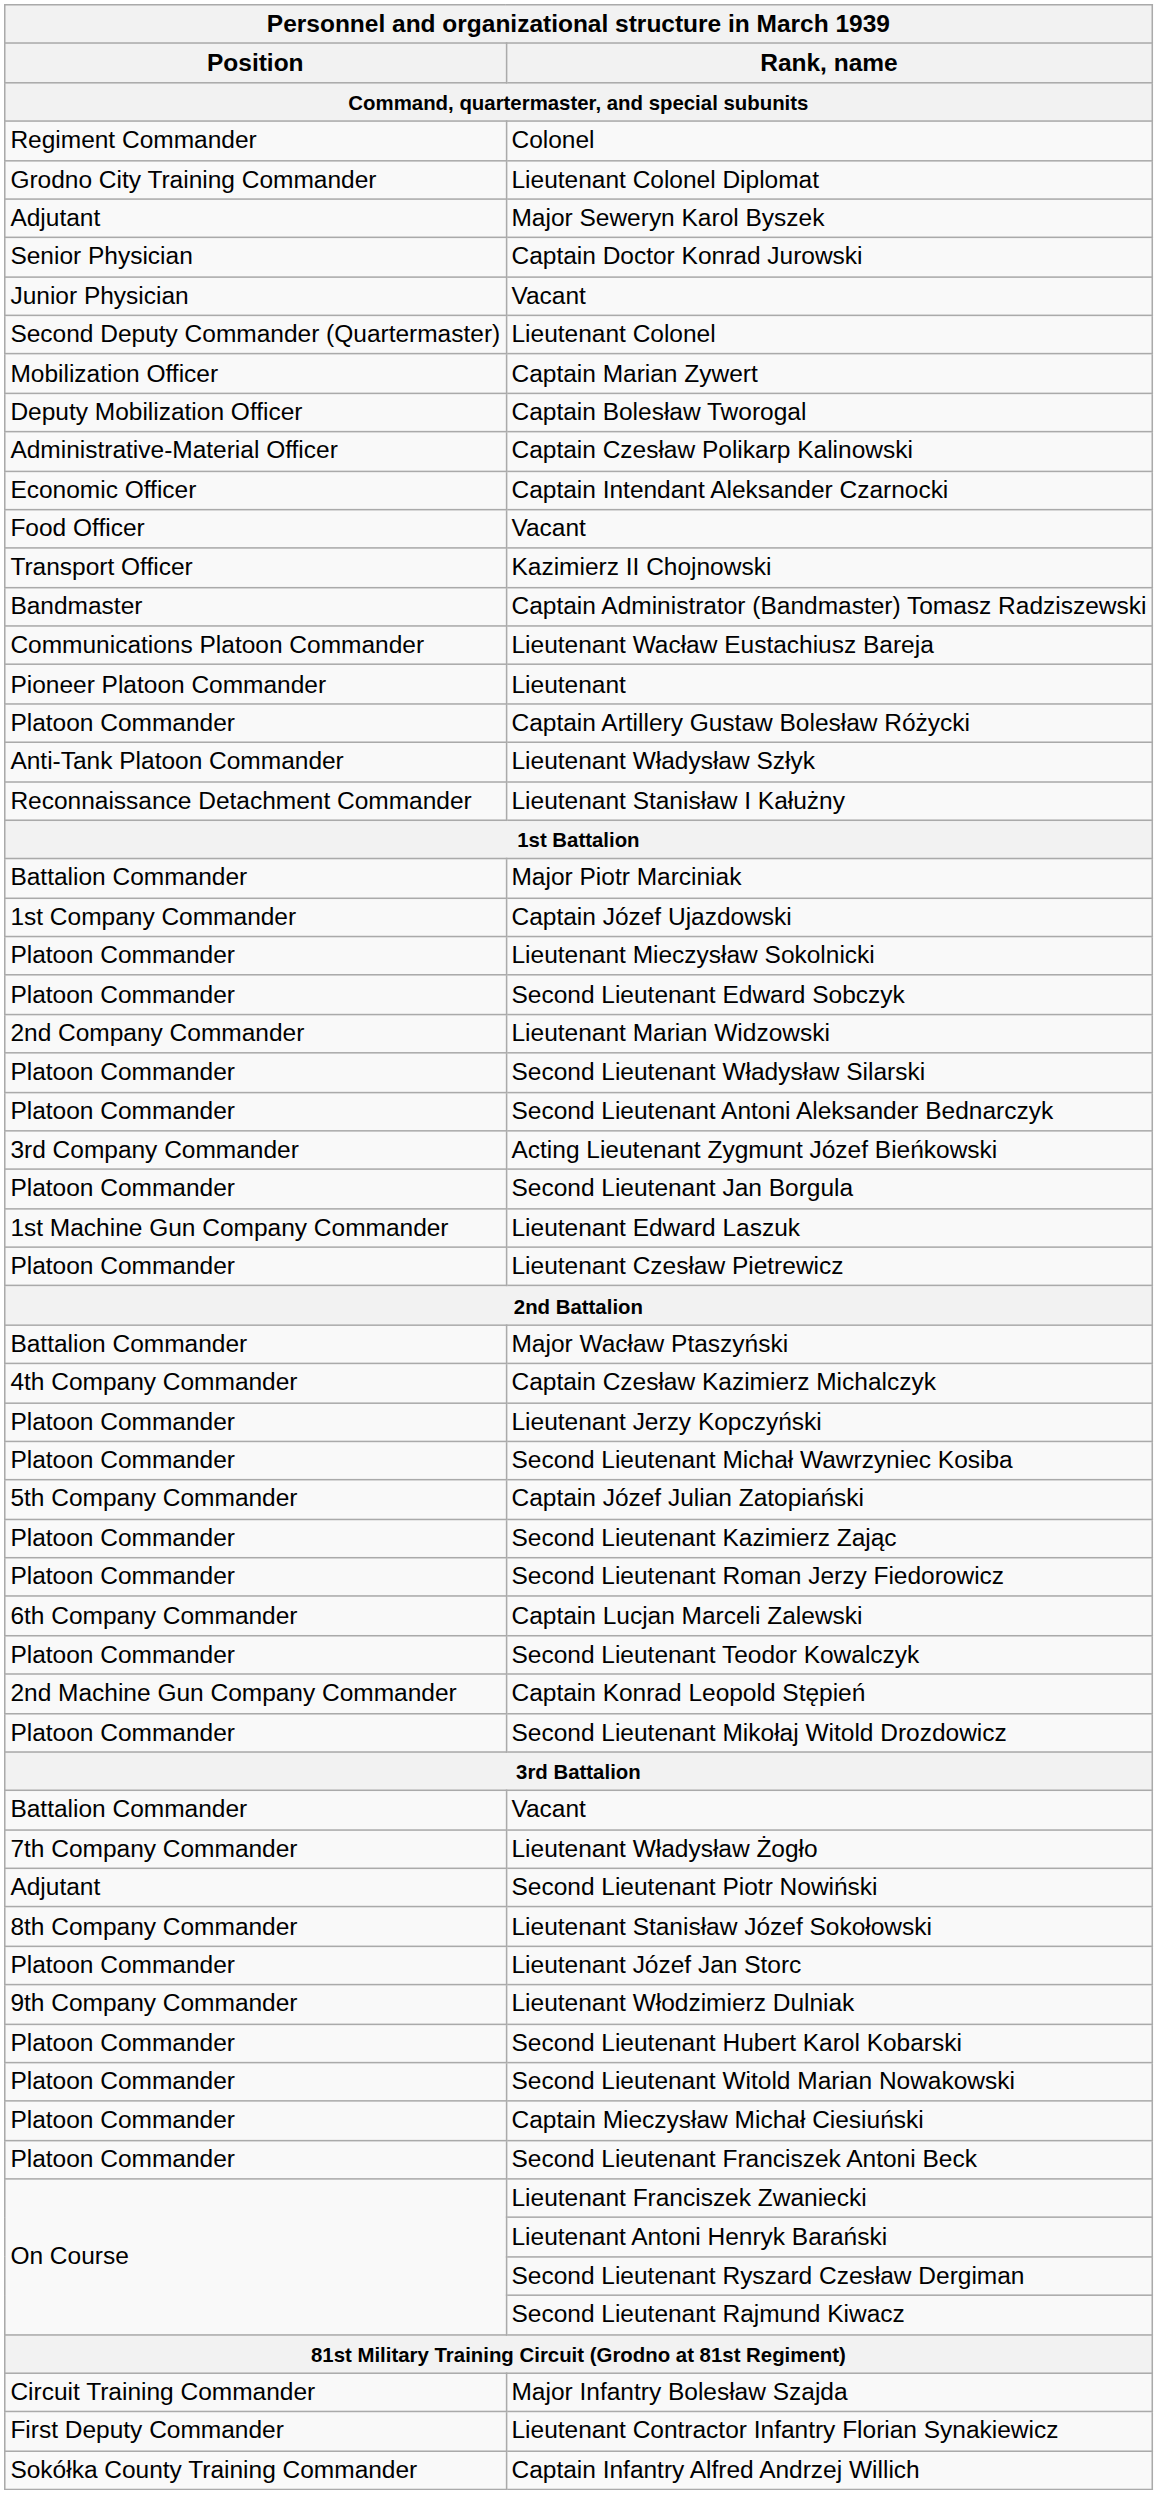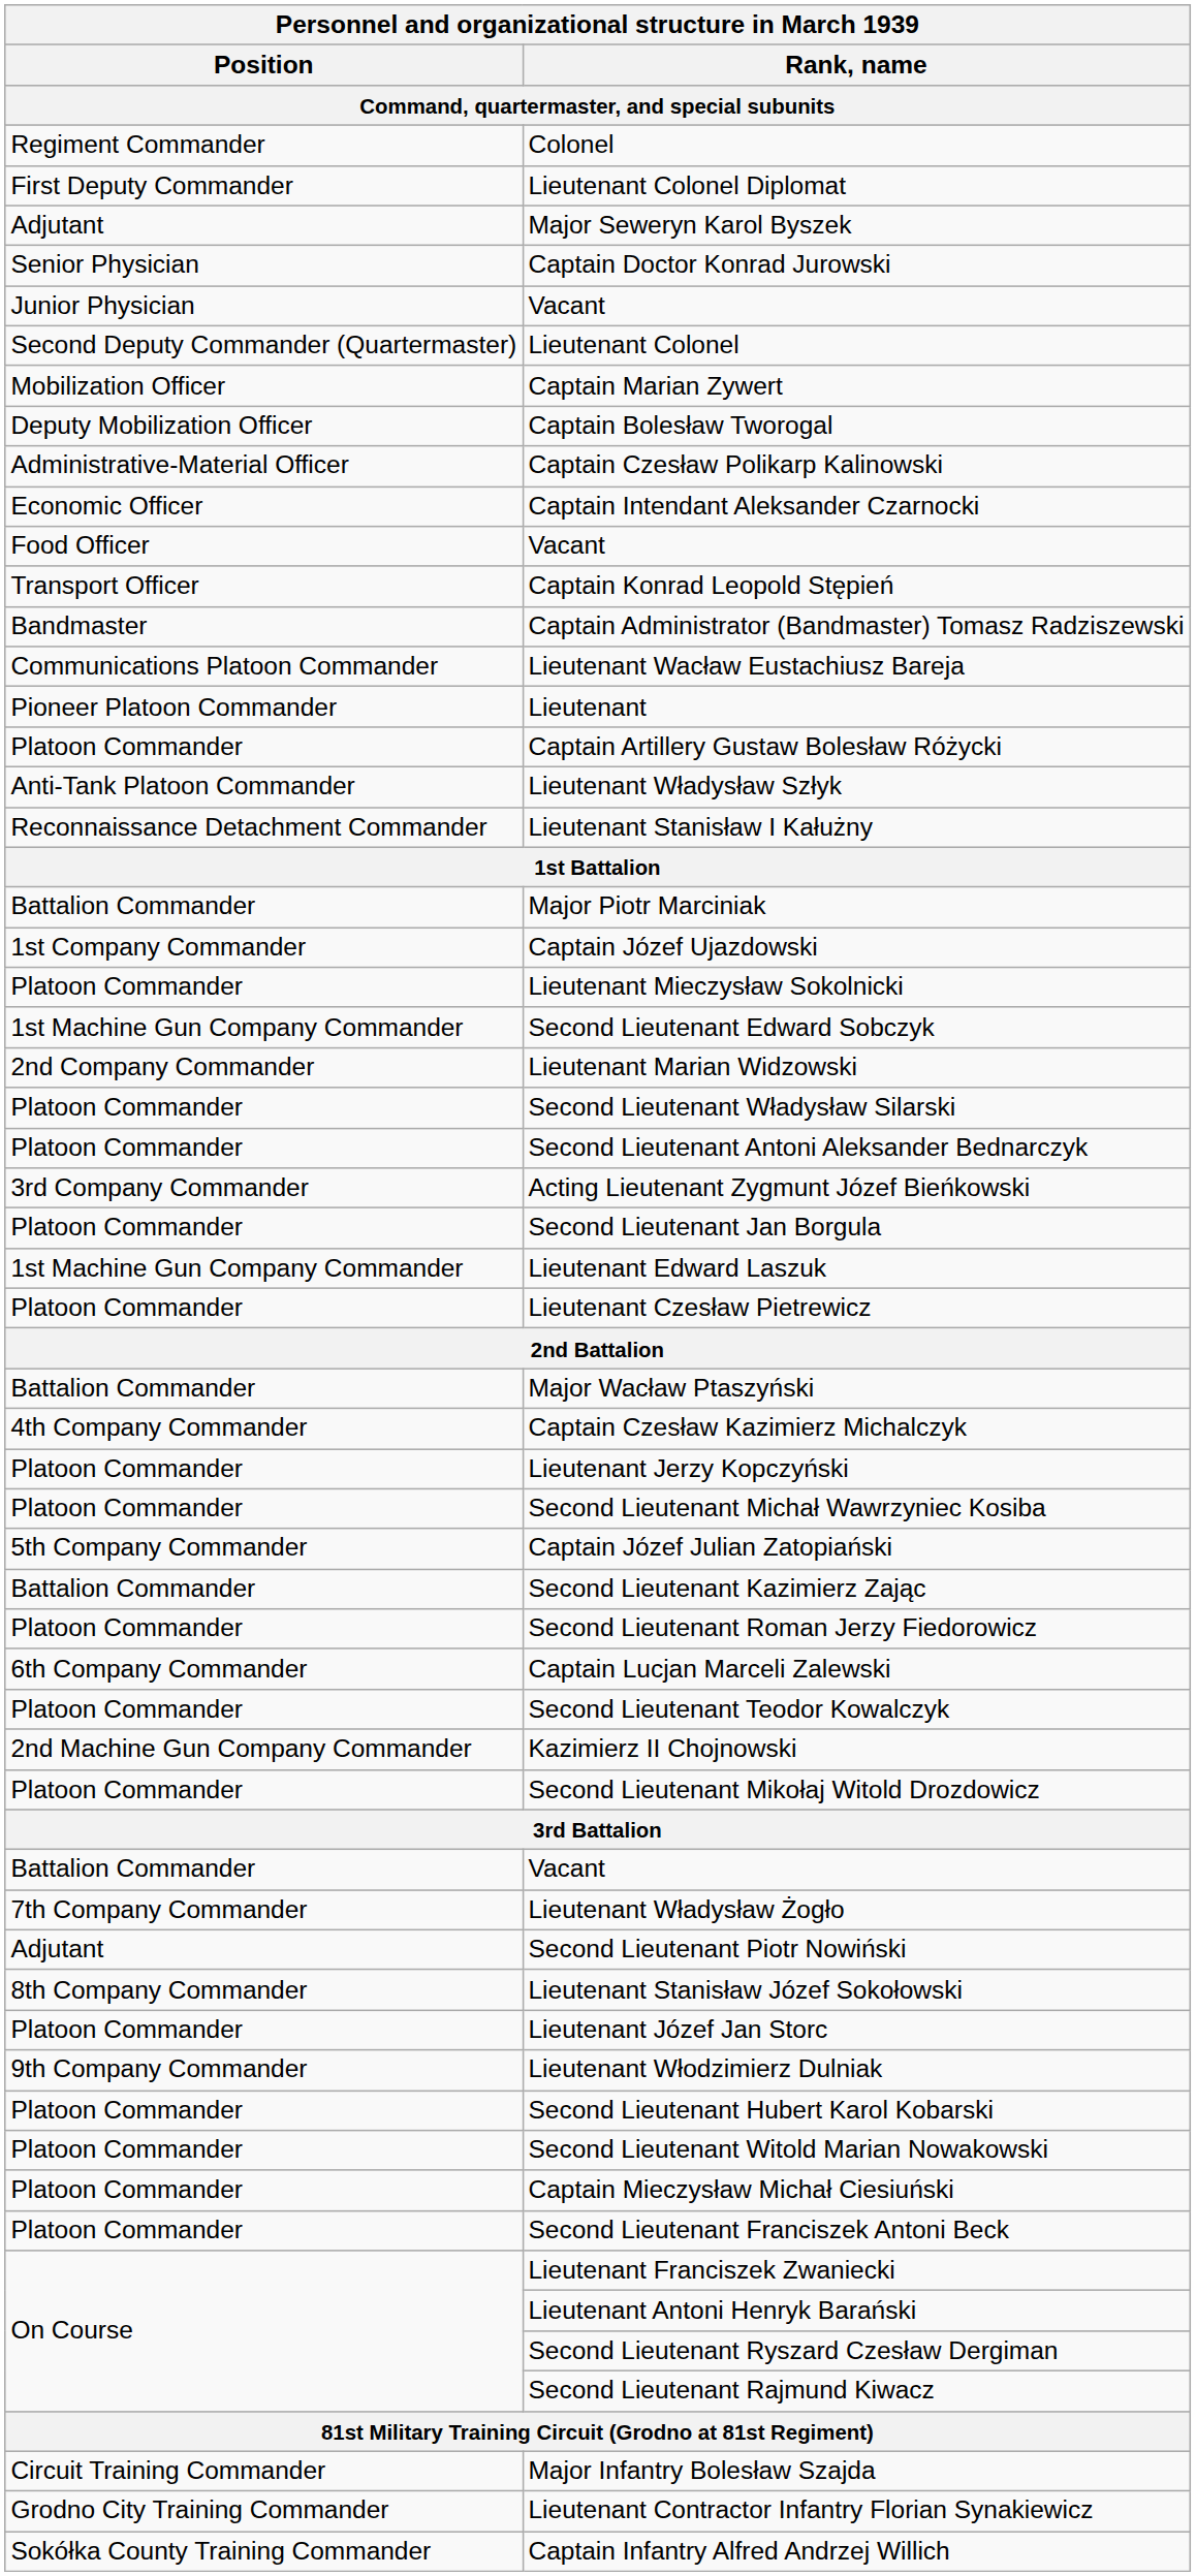 <table class="wikitable mw-collapsible mw-collapsed">
 <tr>
 <th colspan="2">Personnel and organizational structure in March 1939</th>
 </tr>
 <tr>
 <th>Position</th>
 <th>Rank, name</th>
 </tr>
 <tr>
 <th colspan="2"><small>Command, quartermaster, and special subunits</small></th>
 </tr>
 <tr>
 <td>Regiment Commander</td>
 <td>Colonel </td>
 </tr>
 <tr>
-<td>Grodno City Training Commander</td>
+<td>First Deputy Commander</td>
 <td>Lieutenant Colonel Diplomat </td>
 </tr>
 <tr>
 <td>Adjutant</td>
 <td>Major Seweryn Karol Byszek</td>
 </tr>
 <tr>
 <td>Senior Physician</td>
 <td>Captain Doctor Konrad Jurowski</td>
 </tr>
 <tr>
 <td>Junior Physician</td>
 <td>Vacant</td>
 </tr>
 <tr>
 <td>Second Deputy Commander (Quartermaster)</td>
 <td>Lieutenant Colonel </td>
 </tr>
 <tr>
 <td>Mobilization Officer</td>
 <td>Captain Marian Zywert</td>
 </tr>
 <tr>
 <td>Deputy Mobilization Officer</td>
 <td>Captain Bolesław Tworogal</td>
 </tr>
 <tr>
 <td>Administrative-Material Officer</td>
 <td>Captain Czesław Polikarp Kalinowski</td>
 </tr>
 <tr>
 <td>Economic Officer</td>
 <td>Captain Intendant Aleksander Czarnocki</td>
 </tr>
 <tr>
 <td>Food Officer</td>
 <td>Vacant</td>
 </tr>
 <tr>
 <td>Transport Officer</td>
-<td>Kazimierz II Chojnowski</td>
+<td>Captain Konrad Leopold Stępień</td>
 </tr>
 <tr>
 <td>Bandmaster</td>
 <td>Captain Administrator (Bandmaster) Tomasz Radziszewski</td>
 </tr>
 <tr>
 <td>Communications Platoon Commander</td>
 <td>Lieutenant Wacław Eustachiusz Bareja</td>
 </tr>
 <tr>
 <td>Pioneer Platoon Commander</td>
 <td>Lieutenant </td>
 </tr>
 <tr>
 <td>Platoon Commander</td>
 <td>Captain Artillery Gustaw Bolesław Różycki</td>
 </tr>
 <tr>
 <td>Anti-Tank Platoon Commander</td>
 <td>Lieutenant Władysław Szłyk</td>
 </tr>
 <tr>
 <td>Reconnaissance Detachment Commander</td>
 <td>Lieutenant Stanisław I Kałużny</td>
 </tr>
 <tr>
 <th colspan="2"><small>1st Battalion</small></th>
 </tr>
 <tr>
 <td>Battalion Commander</td>
 <td>Major Piotr Marciniak</td>
 </tr>
 <tr>
 <td>1st Company Commander</td>
 <td>Captain Józef Ujazdowski</td>
 </tr>
 <tr>
 <td>Platoon Commander</td>
 <td>Lieutenant Mieczysław Sokolnicki</td>
 </tr>
 <tr>
-<td>Platoon Commander</td>
+<td>1st Machine Gun Company Commander</td>
 <td>Second Lieutenant Edward Sobczyk</td>
 </tr>
 <tr>
 <td>2nd Company Commander</td>
 <td>Lieutenant Marian Widzowski</td>
 </tr>
 <tr>
 <td>Platoon Commander</td>
 <td>Second Lieutenant Władysław Silarski</td>
 </tr>
 <tr>
 <td>Platoon Commander</td>
 <td>Second Lieutenant Antoni Aleksander Bednarczyk</td>
 </tr>
 <tr>
 <td>3rd Company Commander</td>
 <td>Acting Lieutenant Zygmunt Józef Bieńkowski</td>
 </tr>
 <tr>
 <td>Platoon Commander</td>
 <td>Second Lieutenant Jan Borgula</td>
 </tr>
 <tr>
 <td>1st Machine Gun Company Commander</td>
 <td>Lieutenant Edward Laszuk</td>
 </tr>
 <tr>
 <td>Platoon Commander</td>
 <td>Lieutenant Czesław Pietrewicz</td>
 </tr>
 <tr>
 <th colspan="2"><small>2nd Battalion</small></th>
 </tr>
 <tr>
 <td>Battalion Commander</td>
 <td>Major Wacław Ptaszyński</td>
 </tr>
 <tr>
 <td>4th Company Commander</td>
 <td>Captain Czesław Kazimierz Michalczyk</td>
 </tr>
 <tr>
 <td>Platoon Commander</td>
 <td>Lieutenant Jerzy Kopczyński</td>
 </tr>
 <tr>
 <td>Platoon Commander</td>
 <td>Second Lieutenant Michał Wawrzyniec Kosiba</td>
 </tr>
 <tr>
 <td>5th Company Commander</td>
 <td>Captain Józef Julian Zatopiański</td>
 </tr>
 <tr>
-<td>Platoon Commander</td>
+<td>Battalion Commander</td>
 <td>Second Lieutenant Kazimierz Zając</td>
 </tr>
 <tr>
 <td>Platoon Commander</td>
 <td>Second Lieutenant Roman Jerzy Fiedorowicz</td>
 </tr>
 <tr>
 <td>6th Company Commander</td>
 <td>Captain Lucjan Marceli Zalewski</td>
 </tr>
 <tr>
 <td>Platoon Commander</td>
 <td>Second Lieutenant Teodor Kowalczyk</td>
 </tr>
 <tr>
 <td>2nd Machine Gun Company Commander</td>
-<td>Captain Konrad Leopold Stępień</td>
+<td>Kazimierz II Chojnowski</td>
 </tr>
 <tr>
 <td>Platoon Commander</td>
 <td>Second Lieutenant Mikołaj Witold Drozdowicz</td>
 </tr>
 <tr>
 <th colspan="2"><small>3rd Battalion</small></th>
 </tr>
 <tr>
 <td>Battalion Commander</td>
 <td>Vacant</td>
 </tr>
 <tr>
 <td>7th Company Commander</td>
 <td>Lieutenant Władysław Żogło</td>
 </tr>
 <tr>
 <td>Adjutant</td>
 <td>Second Lieutenant Piotr Nowiński</td>
 </tr>
 <tr>
 <td>8th Company Commander</td>
 <td>Lieutenant Stanisław Józef Sokołowski</td>
 </tr>
 <tr>
 <td>Platoon Commander</td>
 <td>Lieutenant Józef Jan Storc</td>
 </tr>
 <tr>
 <td>9th Company Commander</td>
 <td>Lieutenant Włodzimierz Dulniak</td>
 </tr>
 <tr>
 <td>Platoon Commander</td>
 <td>Second Lieutenant Hubert Karol Kobarski</td>
 </tr>
 <tr>
 <td>Platoon Commander</td>
 <td>Second Lieutenant Witold Marian Nowakowski</td>
 </tr>
 <tr>
 <td>Platoon Commander</td>
 <td>Captain Mieczysław Michał Ciesiuński</td>
 </tr>
 <tr>
 <td>Platoon Commander</td>
 <td>Second Lieutenant Franciszek Antoni Beck</td>
 </tr>
 <tr>
 <td rowspan="4">On Course</td>
 <td>Lieutenant Franciszek Zwaniecki</td>
 </tr>
 <tr>
 <td>Lieutenant Antoni Henryk Barański</td>
 </tr>
 <tr>
 <td>Second Lieutenant Ryszard Czesław Dergiman</td>
 </tr>
 <tr>
 <td>Second Lieutenant Rajmund Kiwacz</td>
 </tr>
 <tr>
 <th colspan="2"><small>81st Military Training Circuit (Grodno at 81st Regiment)</small></th>
 </tr>
 <tr>
 <td>Circuit Training Commander</td>
 <td>Major Infantry Bolesław Szajda</td>
 </tr>
 <tr>
-<td>First Deputy Commander</td>
+<td>Grodno City Training Commander</td>
 <td>Lieutenant Contractor Infantry Florian Synakiewicz</td>
 </tr>
 <tr>
 <td>Sokółka County Training Commander</td>
 <td>Captain Infantry Alfred Andrzej Willich</td>
 </tr>
 </table>
